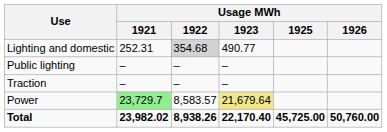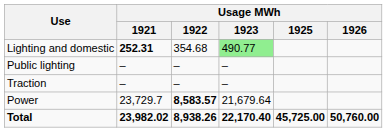 <table class="wikitable">
 <tr>
 <th rowspan="2">Use</th>
 <th colspan="5">Usage  MWh</th>
 </tr>
 <tr>
 <th>1921</th>
 <th>1922</th>
 <th>1923</th>
 <th>1925</th>
 <th>1926</th>
 </tr>
 <tr>
 <td>Lighting  and domestic</td>
-<td>252.31</td>
-<td style="background: lightgrey;">354.68</td>
-<td>490.77</td>
+<td><strong>252.31</strong></td>
+<td>354.68</td>
+<td style="background: lightgreen;">490.77</td>
 <td></td>
 <td></td>
 </tr>
 <tr>
 <td>Public  lighting</td>
 <td>–</td>
 <td>–</td>
 <td>–</td>
 <td></td>
 <td></td>
 </tr>
 <tr>
 <td>Traction</td>
 <td>–</td>
 <td>–</td>
 <td>–</td>
 <td></td>
 <td></td>
 </tr>
 <tr>
 <td>Power</td>
-<td style="background: lightgreen;">23,729.7</td>
-<td>8,583.57</td>
-<td style="background: khaki;">21,679.64</td>
+<td>23,729.7</td>
+<td><strong>8,583.57</strong></td>
+<td>21,679.64</td>
 <td></td>
 <td></td>
 </tr>
 <tr>
 <td><strong>Total</strong></td>
 <td><strong>23,982.02</strong></td>
 <td><strong>8,938.26</strong></td>
 <td><strong>22,170.40</strong></td>
 <td><strong>45,725.00</strong></td>
 <td><strong>50,760.00</strong></td>
 </tr>
 </table>
